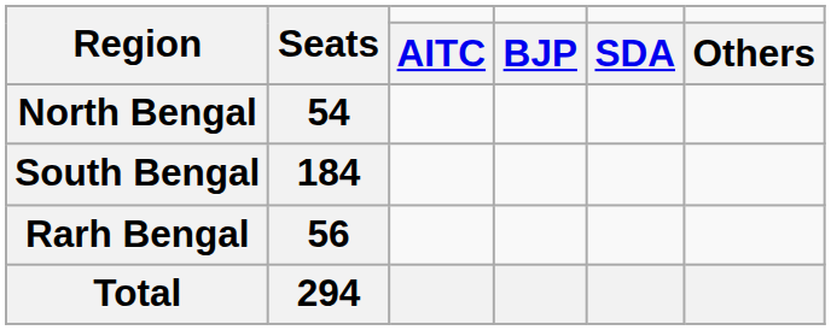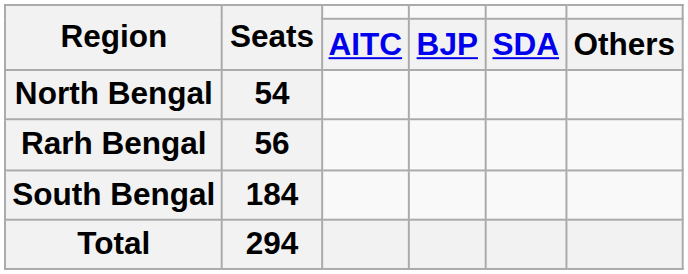 <table class="wikitable" style="text-align:center;">
 <tr>
 <th rowspan="2">Region</th>
 <th rowspan="2">Seats</th>
 <td style="color:inherit;background:"></td>
 <td style="color:inherit;background:"></td>
 <td style="color:inherit;background:"></td>
 <td style="color:inherit;background:"></td>
 </tr>
 <tr>
 <th><a href='#'>AITC</a></th>
 <th><a href='#'>BJP</a></th>
 <th><a href='#'>SDA</a></th>
 <th>Others</th>
 </tr>
 <tr>
 <th>North Bengal</th>
 <th>54</th>
 <td></td>
 <td></td>
 <td></td>
 <td></td>
 </tr>
 <tr>
-<th>South Bengal</th>
-<th>184</th>
+<th>Rarh Bengal</th>
+<th>56</th>
 <td></td>
 <td></td>
 <td></td>
 <td></td>
 </tr>
 <tr>
-<th>Rarh Bengal</th>
-<th>56</th>
+<th>South Bengal</th>
+<th>184</th>
 <td></td>
 <td></td>
 <td></td>
 <td></td>
 </tr>
 <tr>
 <th>Total</th>
 <th>294</th>
 <th></th>
 <th></th>
 <th></th>
 <th></th>
 </tr>
 </table>
